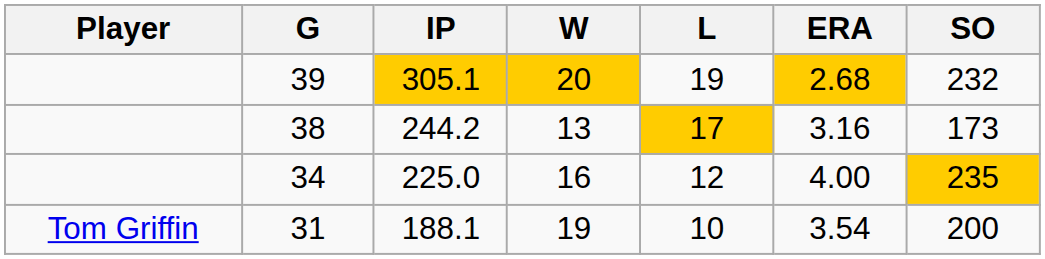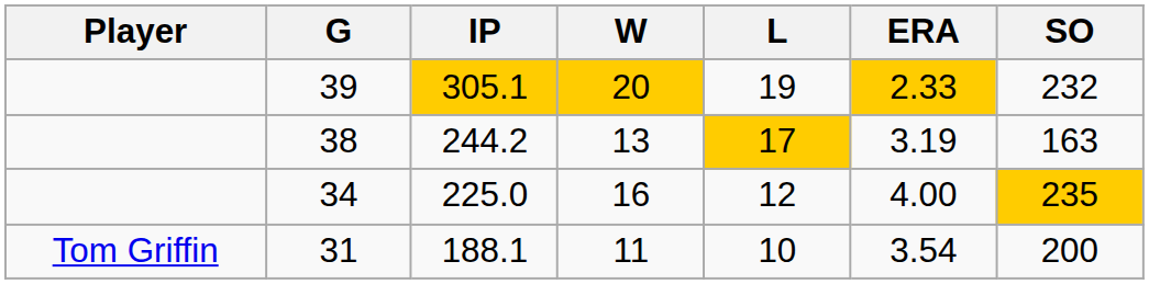 <table class="wikitable sortable">
 <tr>
 <th bgcolor="#DDDDFF" width="16%">Player</th>
 <th bgcolor="#DDDDFF" width="9%">G</th>
 <th bgcolor="#DDDDFF" width="9%">IP</th>
 <th bgcolor="#DDDDFF" width="9%">W</th>
 <th bgcolor="#DDDDFF" width="9%">L</th>
 <th bgcolor="#DDDDFF" width="9%">ERA</th>
 <th bgcolor="#DDDDFF" width="9%">SO</th>
 </tr>
 <tr align="center">
 <td></td>
 <td>39</td>
 <td style="background:#fc0;">305.1</td>
 <td style="background:#fc0;">20</td>
 <td>19</td>
-<td style="background:#fc0;">2.68</td>
+<td style="background:#fc0;">2.33</td>
 <td>232</td>
 </tr>
 <tr align="center">
 <td></td>
 <td>38</td>
 <td>244.2</td>
 <td>13</td>
 <td style="background:#fc0;">17</td>
-<td>3.16</td>
-<td>173</td>
+<td>3.19</td>
+<td>163</td>
 </tr>
 <tr align="center">
 <td></td>
 <td>34</td>
 <td>225.0</td>
 <td>16</td>
 <td>12</td>
 <td>4.00</td>
 <td style="background:#fc0;">235</td>
 </tr>
 <tr align="center">
 <td><a href='#'>Tom Griffin</a></td>
 <td>31</td>
 <td>188.1</td>
-<td>19</td>
+<td>11</td>
 <td>10</td>
 <td>3.54</td>
 <td>200</td>
 </tr>
 </table>
